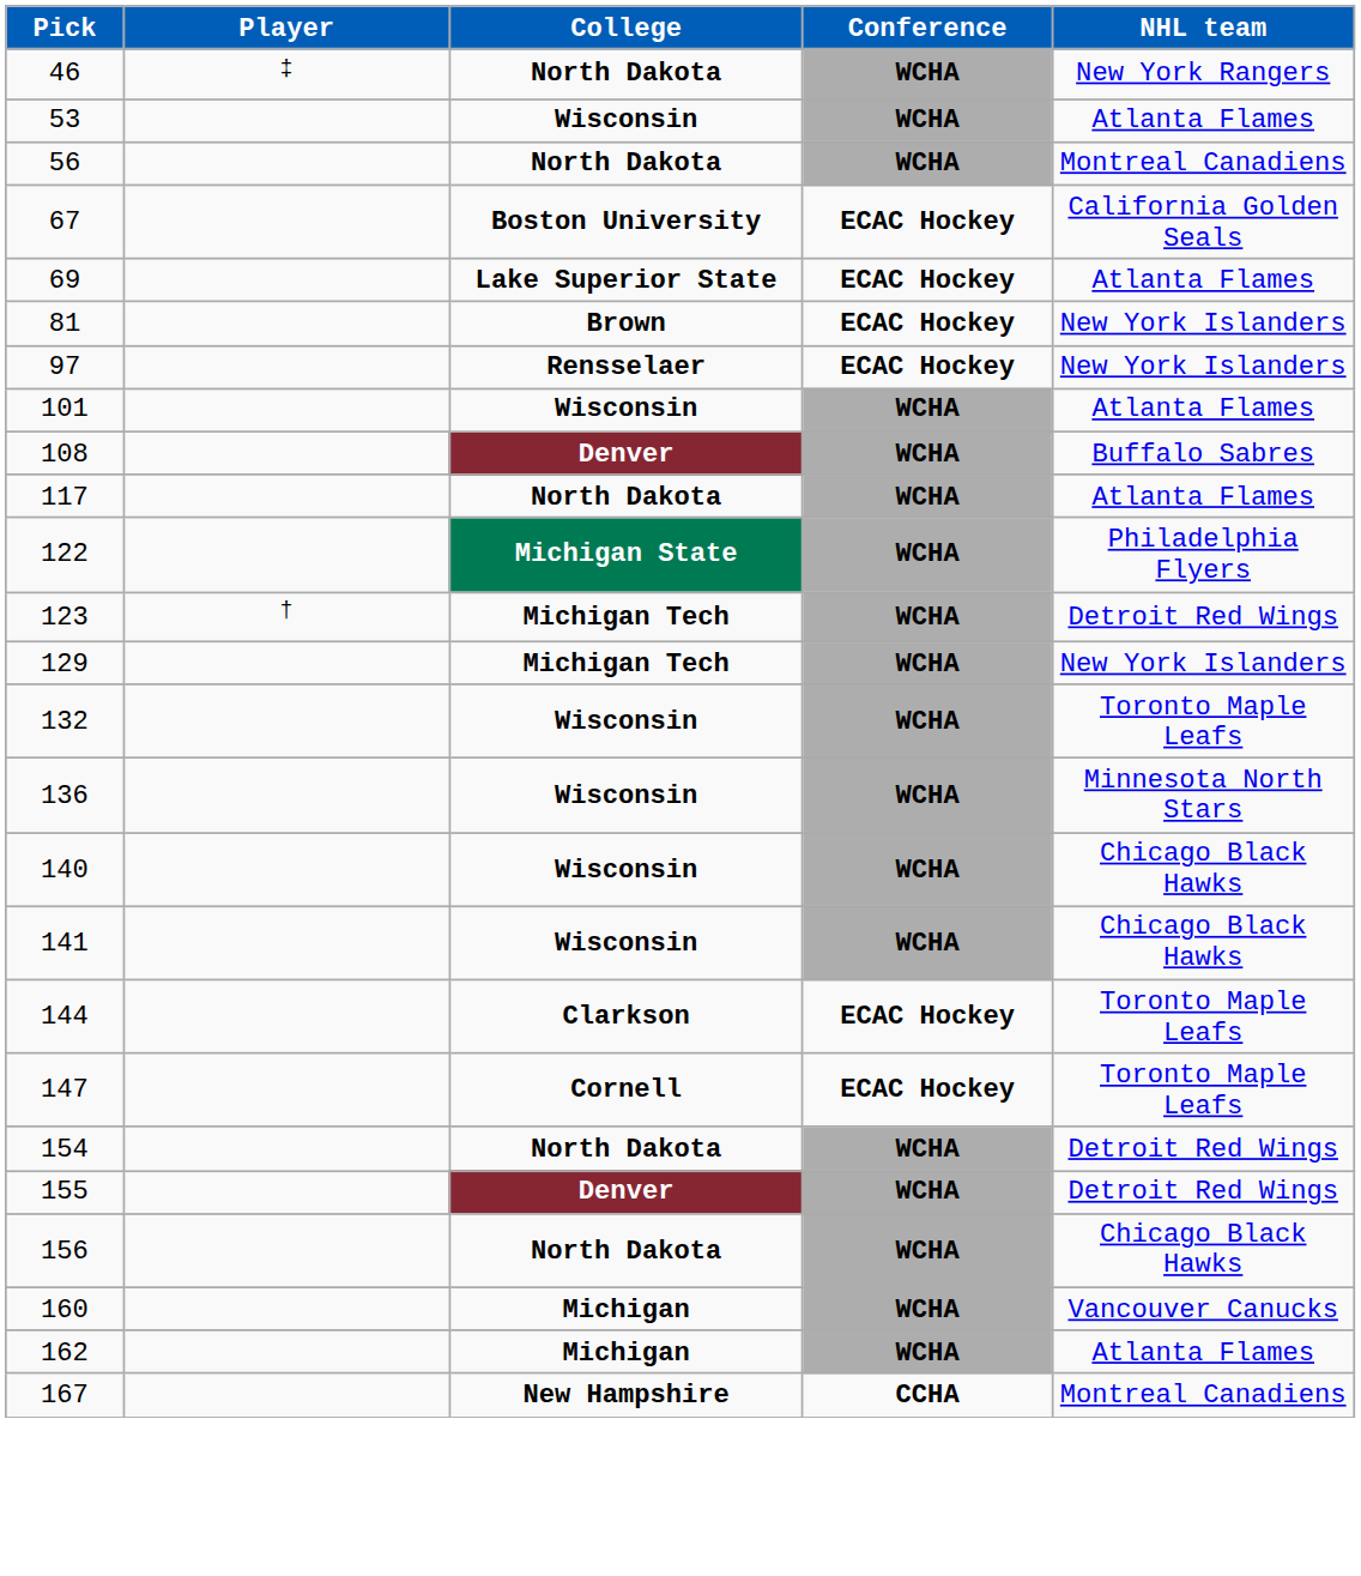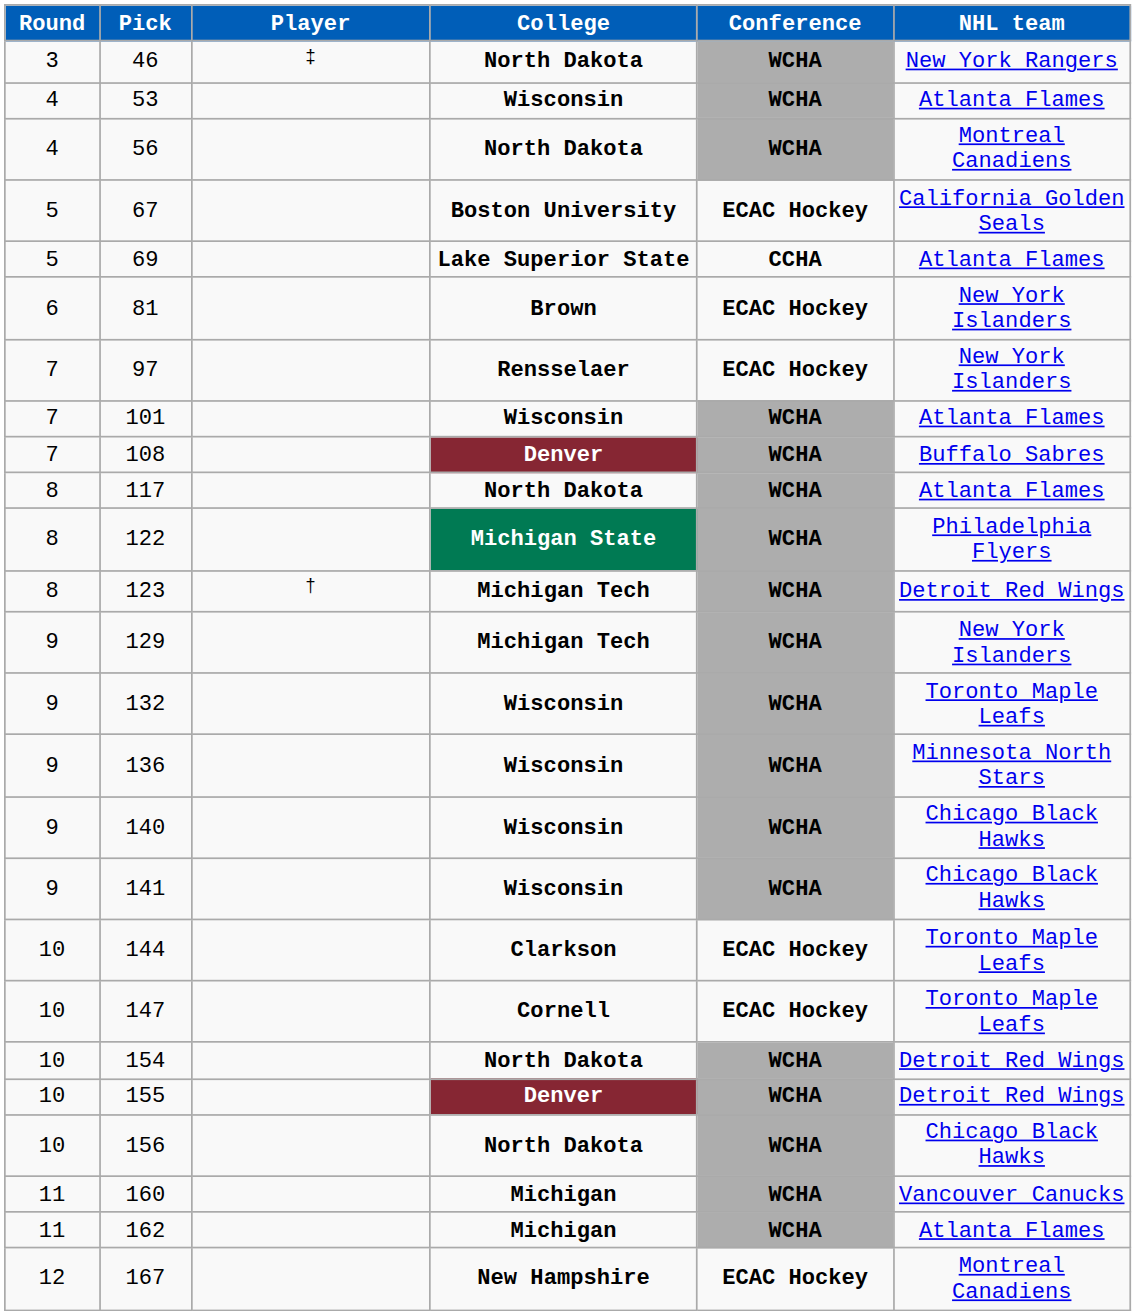 <table class="wikitable sortable" width="75%">
 <tr>
+<th style="color:white; background-color:#005EB8; width: 4em;">Round</th>
 <th style="color:white; background-color:#005EB8; width: 4em;">Pick</th>
 <th style="color:white; background-color:#005EB8; width: 12em;">Player</th>
 <th style="color:white; background-color:#005EB8; width: 13em;">College</th>
 <th style="color:white; background-color:#005EB8; width: 9em;">Conference</th>
 <th style="color:white; background-color:#005EB8; width: 11em;">NHL team</th>
 </tr>
 <tr align="center" bgcolor="">
+<td>3</td>
 <td>46</td>
 <td> <sup>‡</sup></td>
 <td><strong>North Dakota</strong></td>
 <td style="color:black; background:#ADADAD; "><strong>WCHA</strong></td>
 <td><a href='#'>New York Rangers</a></td>
 </tr>
 <tr align="center" bgcolor="">
+<td>4</td>
 <td>53</td>
 <td></td>
 <td><strong>Wisconsin</strong></td>
 <td style="color:black; background:#ADADAD; "><strong>WCHA</strong></td>
 <td><a href='#'>Atlanta Flames</a></td>
 </tr>
 <tr align="center" bgcolor="">
+<td>4</td>
 <td>56</td>
 <td></td>
 <td><strong>North Dakota</strong></td>
 <td style="color:black; background:#ADADAD; "><strong>WCHA</strong></td>
 <td><a href='#'>Montreal Canadiens</a></td>
 </tr>
 <tr align="center" bgcolor="">
+<td>5</td>
 <td>67</td>
 <td></td>
 <td><strong>Boston University</strong></td>
 <td><strong>ECAC Hockey</strong></td>
 <td><a href='#'>California Golden Seals</a></td>
 </tr>
 <tr align="center" bgcolor="">
+<td>5</td>
 <td>69</td>
 <td></td>
 <td><strong>Lake Superior State</strong></td>
-<td><strong>ECAC Hockey</strong></td>
+<td><strong>CCHA</strong></td>
 <td><a href='#'>Atlanta Flames</a></td>
 </tr>
 <tr align="center" bgcolor="">
+<td>6</td>
 <td>81</td>
 <td></td>
 <td><strong>Brown</strong></td>
 <td><strong>ECAC Hockey</strong></td>
 <td><a href='#'>New York Islanders</a></td>
 </tr>
 <tr align="center" bgcolor="">
+<td>7</td>
 <td>97</td>
 <td></td>
 <td><strong>Rensselaer</strong></td>
 <td><strong>ECAC Hockey</strong></td>
 <td><a href='#'>New York Islanders</a></td>
 </tr>
 <tr align="center" bgcolor="">
+<td>7</td>
 <td>101</td>
 <td></td>
 <td><strong>Wisconsin</strong></td>
 <td style="color:black; background:#ADADAD; "><strong>WCHA</strong></td>
 <td><a href='#'>Atlanta Flames</a></td>
 </tr>
 <tr align="center" bgcolor="">
+<td>7</td>
 <td>108</td>
 <td></td>
 <td style="color:white; background:#862633; "><strong>Denver</strong></td>
 <td style="color:black; background:#ADADAD; "><strong>WCHA</strong></td>
 <td><a href='#'>Buffalo Sabres</a></td>
 </tr>
 <tr align="center" bgcolor="">
+<td>8</td>
 <td>117</td>
 <td></td>
 <td><strong>North Dakota</strong></td>
 <td style="color:black; background:#ADADAD; "><strong>WCHA</strong></td>
 <td><a href='#'>Atlanta Flames</a></td>
 </tr>
 <tr align="center" bgcolor="">
+<td>8</td>
 <td>122</td>
 <td></td>
 <td style="color:white; background:#007A53"><strong>Michigan State</strong></td>
 <td style="color:black; background:#ADADAD; "><strong>WCHA</strong></td>
 <td><a href='#'>Philadelphia Flyers</a></td>
 </tr>
 <tr align="center" bgcolor="">
+<td>8</td>
 <td>123</td>
 <td> <sup>†</sup></td>
 <td><strong>Michigan Tech</strong></td>
 <td style="color:black; background:#ADADAD; "><strong>WCHA</strong></td>
 <td><a href='#'>Detroit Red Wings</a></td>
 </tr>
 <tr align="center" bgcolor="">
+<td>9</td>
 <td>129</td>
 <td></td>
 <td><strong>Michigan Tech</strong></td>
 <td style="color:black; background:#ADADAD; "><strong>WCHA</strong></td>
 <td><a href='#'>New York Islanders</a></td>
 </tr>
 <tr align="center" bgcolor="">
+<td>9</td>
 <td>132</td>
 <td></td>
 <td><strong>Wisconsin</strong></td>
 <td style="color:black; background:#ADADAD; "><strong>WCHA</strong></td>
 <td><a href='#'>Toronto Maple Leafs</a></td>
 </tr>
 <tr align="center" bgcolor="">
+<td>9</td>
 <td>136</td>
 <td></td>
 <td><strong>Wisconsin</strong></td>
 <td style="color:black; background:#ADADAD; "><strong>WCHA</strong></td>
 <td><a href='#'>Minnesota North Stars</a></td>
 </tr>
 <tr align="center" bgcolor="">
+<td>9</td>
 <td>140</td>
 <td></td>
 <td><strong>Wisconsin</strong></td>
 <td style="color:black; background:#ADADAD; "><strong>WCHA</strong></td>
 <td><a href='#'>Chicago Black Hawks</a></td>
 </tr>
 <tr align="center" bgcolor="">
+<td>9</td>
 <td>141</td>
 <td></td>
 <td><strong>Wisconsin</strong></td>
 <td style="color:black; background:#ADADAD; "><strong>WCHA</strong></td>
 <td><a href='#'>Chicago Black Hawks</a></td>
 </tr>
 <tr align="center" bgcolor="">
+<td>10</td>
 <td>144</td>
 <td></td>
 <td><strong>Clarkson</strong></td>
 <td><strong>ECAC Hockey</strong></td>
 <td><a href='#'>Toronto Maple Leafs</a></td>
 </tr>
 <tr align="center" bgcolor="">
+<td>10</td>
 <td>147</td>
 <td></td>
 <td><strong>Cornell</strong></td>
 <td><strong>ECAC Hockey</strong></td>
 <td><a href='#'>Toronto Maple Leafs</a></td>
 </tr>
 <tr align="center" bgcolor="">
+<td>10</td>
 <td>154</td>
 <td></td>
 <td><strong>North Dakota</strong></td>
 <td style="color:black; background:#ADADAD; "><strong>WCHA</strong></td>
 <td><a href='#'>Detroit Red Wings</a></td>
 </tr>
 <tr align="center" bgcolor="">
+<td>10</td>
 <td>155</td>
 <td></td>
 <td style="color:white; background:#862633; "><strong>Denver</strong></td>
 <td style="color:black; background:#ADADAD; "><strong>WCHA</strong></td>
 <td><a href='#'>Detroit Red Wings</a></td>
 </tr>
 <tr align="center" bgcolor="">
+<td>10</td>
 <td>156</td>
 <td></td>
 <td><strong>North Dakota</strong></td>
 <td style="color:black; background:#ADADAD; "><strong>WCHA</strong></td>
 <td><a href='#'>Chicago Black Hawks</a></td>
 </tr>
 <tr align="center" bgcolor="">
+<td>11</td>
 <td>160</td>
 <td></td>
 <td><strong>Michigan</strong></td>
 <td style="color:black; background:#ADADAD; "><strong>WCHA</strong></td>
 <td><a href='#'>Vancouver Canucks</a></td>
 </tr>
 <tr align="center" bgcolor="">
+<td>11</td>
 <td>162</td>
 <td></td>
 <td><strong>Michigan</strong></td>
 <td style="color:black; background:#ADADAD; "><strong>WCHA</strong></td>
 <td><a href='#'>Atlanta Flames</a></td>
 </tr>
 <tr align="center" bgcolor="">
+<td>12</td>
 <td>167</td>
 <td></td>
 <td><strong>New Hampshire</strong></td>
-<td><strong>CCHA</strong></td>
+<td><strong>ECAC Hockey</strong></td>
 <td><a href='#'>Montreal Canadiens</a></td>
 </tr>
 </table>
